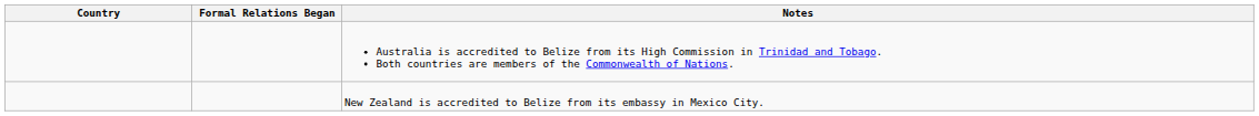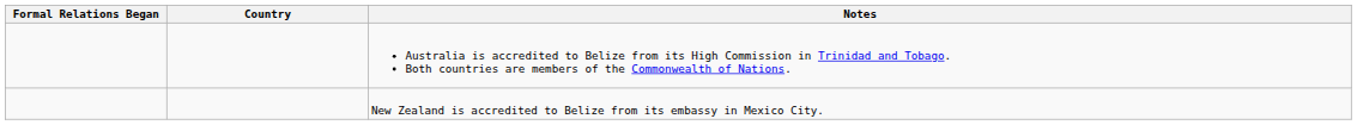 <table class="wikitable sortable" style="width:100%; margin:auto;">
 <tr>
+<th style="width:12%;">Formal Relations Began</th>
 <th style="width:15%;">Country</th>
-<th style="width:12%;">Formal Relations Began</th>
 <th>Notes</th>
 </tr>
 <tr valign="top">
 <td></td>
 <td></td>
 <td><br><ul><li>Australia is accredited to Belize from its High Commission in <a href='#'>Trinidad and Tobago</a>.</li><li>Both countries are members of the <a href='#'>Commonwealth of Nations</a>.</li></ul></td>
 </tr>
 <tr valign="top">
 <td></td>
 <td></td>
 <td><br>New Zealand is accredited to Belize from its embassy in Mexico City.</td>
 </tr>
 </table>
